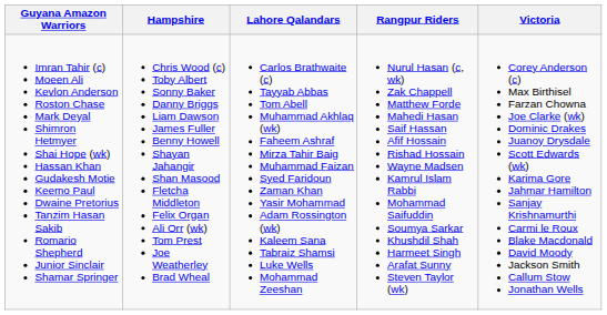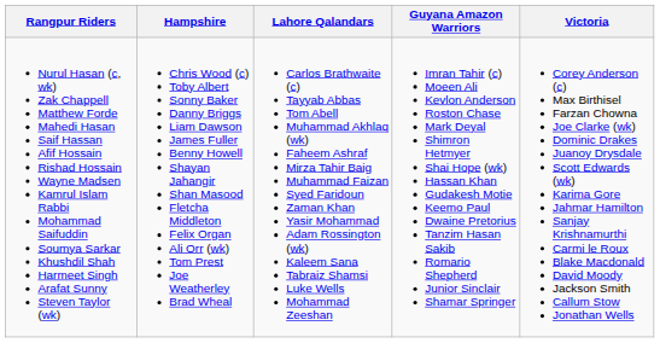 <table class="wikitable" style="text-align:left;">
 <tr>
-<th><a href='#'>Guyana Amazon Warriors</a></th>
+<th><a href='#'>Rangpur Riders</a></th>
 <th><a href='#'>Hampshire</a></th>
 <th><a href='#'>Lahore Qalandars</a></th>
-<th><a href='#'>Rangpur Riders</a></th>
+<th><a href='#'>Guyana Amazon Warriors</a></th>
 <th><a href='#'>Victoria</a></th>
 </tr>
 <tr>
-<td valign=top><br><ul><li><a href='#'>Imran Tahir</a> (<a href='#'>c</a>)</li><li><a href='#'>Moeen Ali</a></li><li><a href='#'>Kevlon Anderson</a></li><li><a href='#'>Roston Chase</a></li><li><a href='#'>Mark Deyal</a></li><li><a href='#'>Shimron Hetmyer</a></li><li><a href='#'>Shai Hope</a> (<a href='#'>wk</a>)</li><li><a href='#'>Hassan Khan</a></li><li><a href='#'>Gudakesh Motie</a></li><li><a href='#'>Keemo Paul</a></li><li><a href='#'>Dwaine Pretorius</a></li><li><a href='#'>Tanzim Hasan Sakib</a></li><li><a href='#'>Romario Shepherd</a></li><li><a href='#'>Junior Sinclair</a></li><li><a href='#'>Shamar Springer</a></li></ul></td>
+<td valign=top><br><ul><li><a href='#'>Nurul Hasan</a> (<a href='#'>c</a>, <a href='#'>wk</a>)</li><li><a href='#'>Zak Chappell</a></li><li><a href='#'>Matthew Forde</a></li><li><a href='#'>Mahedi Hasan</a></li><li><a href='#'>Saif Hassan</a></li><li><a href='#'>Afif Hossain</a></li><li><a href='#'>Rishad Hossain</a></li><li><a href='#'>Wayne Madsen</a></li><li><a href='#'>Kamrul Islam Rabbi</a></li><li><a href='#'>Mohammad Saifuddin</a></li><li><a href='#'>Soumya Sarkar</a></li><li><a href='#'>Khushdil Shah</a></li><li><a href='#'>Harmeet Singh</a></li><li><a href='#'>Arafat Sunny</a></li><li><a href='#'>Steven Taylor</a> (<a href='#'>wk</a>)</li></ul></td>
 <td valign=top><br><ul><li><a href='#'>Chris Wood</a> (<a href='#'>c</a>)</li><li><a href='#'>Toby Albert</a></li><li><a href='#'>Sonny Baker</a></li><li><a href='#'>Danny Briggs</a></li><li><a href='#'>Liam Dawson</a></li><li><a href='#'>James Fuller</a></li><li><a href='#'>Benny Howell</a></li><li><a href='#'>Shayan Jahangir</a></li><li><a href='#'>Shan Masood</a></li><li><a href='#'>Fletcha Middleton</a></li><li><a href='#'>Felix Organ</a></li><li><a href='#'>Ali Orr</a> (<a href='#'>wk</a>)</li><li><a href='#'>Tom Prest</a></li><li><a href='#'>Joe Weatherley</a></li><li><a href='#'>Brad Wheal</a></li></ul></td>
 <td valign=top><br><ul><li><a href='#'>Carlos Brathwaite</a> (<a href='#'>c</a>)</li><li><a href='#'>Tayyab Abbas</a></li><li><a href='#'>Tom Abell</a></li><li><a href='#'>Muhammad Akhlaq</a> (<a href='#'>wk</a>)</li><li><a href='#'>Faheem Ashraf</a></li><li><a href='#'>Mirza Tahir Baig</a></li><li><a href='#'>Muhammad Faizan</a></li><li><a href='#'>Syed Faridoun</a></li><li><a href='#'>Zaman Khan</a></li><li><a href='#'>Yasir Mohammad</a></li><li><a href='#'>Adam Rossington</a> (<a href='#'>wk</a>)</li><li><a href='#'>Kaleem Sana</a></li><li><a href='#'>Tabraiz Shamsi</a></li><li><a href='#'>Luke Wells</a></li><li><a href='#'>Mohammad Zeeshan</a></li></ul></td>
-<td valign=top><br><ul><li><a href='#'>Nurul Hasan</a> (<a href='#'>c</a>, <a href='#'>wk</a>)</li><li><a href='#'>Zak Chappell</a></li><li><a href='#'>Matthew Forde</a></li><li><a href='#'>Mahedi Hasan</a></li><li><a href='#'>Saif Hassan</a></li><li><a href='#'>Afif Hossain</a></li><li><a href='#'>Rishad Hossain</a></li><li><a href='#'>Wayne Madsen</a></li><li><a href='#'>Kamrul Islam Rabbi</a></li><li><a href='#'>Mohammad Saifuddin</a></li><li><a href='#'>Soumya Sarkar</a></li><li><a href='#'>Khushdil Shah</a></li><li><a href='#'>Harmeet Singh</a></li><li><a href='#'>Arafat Sunny</a></li><li><a href='#'>Steven Taylor</a> (<a href='#'>wk</a>)</li></ul></td>
+<td valign=top><br><ul><li><a href='#'>Imran Tahir</a> (<a href='#'>c</a>)</li><li><a href='#'>Moeen Ali</a></li><li><a href='#'>Kevlon Anderson</a></li><li><a href='#'>Roston Chase</a></li><li><a href='#'>Mark Deyal</a></li><li><a href='#'>Shimron Hetmyer</a></li><li><a href='#'>Shai Hope</a> (<a href='#'>wk</a>)</li><li><a href='#'>Hassan Khan</a></li><li><a href='#'>Gudakesh Motie</a></li><li><a href='#'>Keemo Paul</a></li><li><a href='#'>Dwaine Pretorius</a></li><li><a href='#'>Tanzim Hasan Sakib</a></li><li><a href='#'>Romario Shepherd</a></li><li><a href='#'>Junior Sinclair</a></li><li><a href='#'>Shamar Springer</a></li></ul></td>
 <td valign=top><br><ul><li><a href='#'>Corey Anderson</a> (<a href='#'>c</a>)</li><li>Max Birthisel</li><li>Farzan Chowna</li><li><a href='#'>Joe Clarke</a> (<a href='#'>wk</a>)</li><li><a href='#'>Dominic Drakes</a></li><li><a href='#'>Juanoy Drysdale</a></li><li><a href='#'>Scott Edwards</a> (<a href='#'>wk</a>)</li><li><a href='#'>Karima Gore</a></li><li><a href='#'>Jahmar Hamilton</a></li><li><a href='#'>Sanjay Krishnamurthi</a></li><li><a href='#'>Carmi le Roux</a></li><li><a href='#'>Blake Macdonald</a></li><li><a href='#'>David Moody</a></li><li>Jackson Smith</li><li><a href='#'>Callum Stow</a></li><li><a href='#'>Jonathan Wells</a></li></ul></td>
 </tr>
 </table>
